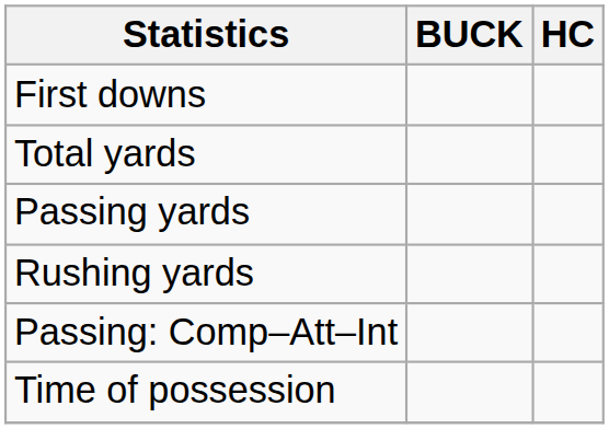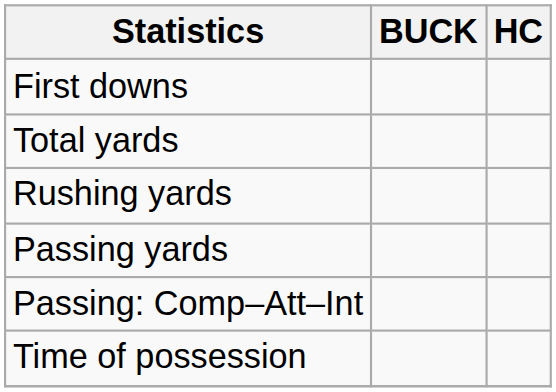 <table class="wikitable" style="float: left;">
 <tr>
 <th>Statistics</th>
 <th>BUCK</th>
 <th>HC</th>
 </tr>
 <tr>
 <td>First downs</td>
 <td></td>
 <td></td>
 </tr>
 <tr>
 <td>Total yards</td>
 <td></td>
 <td></td>
 </tr>
 <tr>
-<td>Passing yards</td>
+<td>Rushing yards</td>
 <td></td>
 <td></td>
 </tr>
 <tr>
-<td>Rushing yards</td>
+<td>Passing yards</td>
 <td></td>
 <td></td>
 </tr>
 <tr>
 <td>Passing: Comp–Att–Int</td>
 <td></td>
 <td></td>
 </tr>
 <tr>
 <td>Time of possession</td>
 <td></td>
 <td></td>
 </tr>
 <tr>
 </tr>
 </table>
